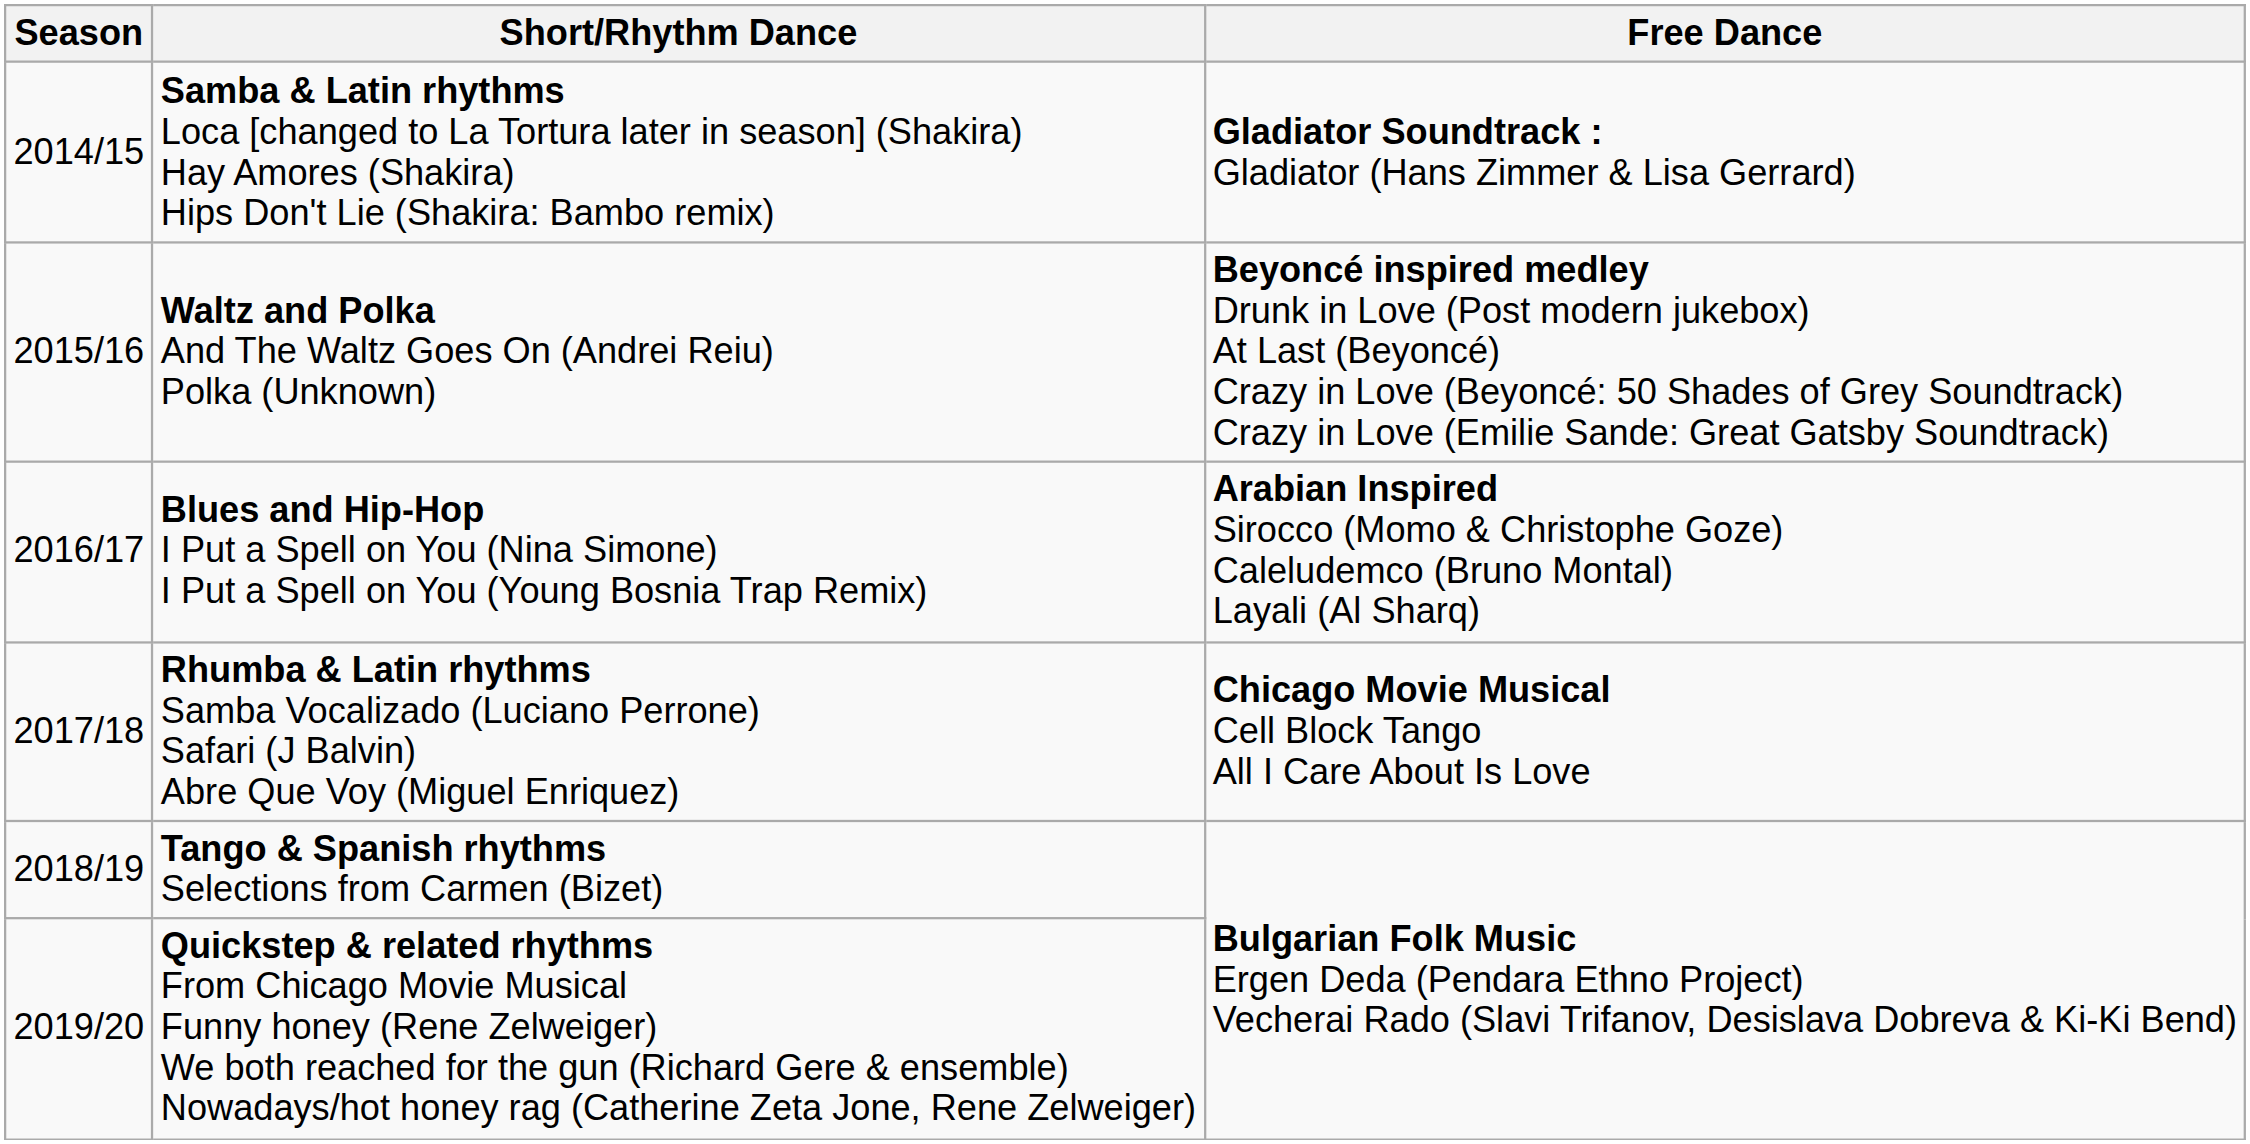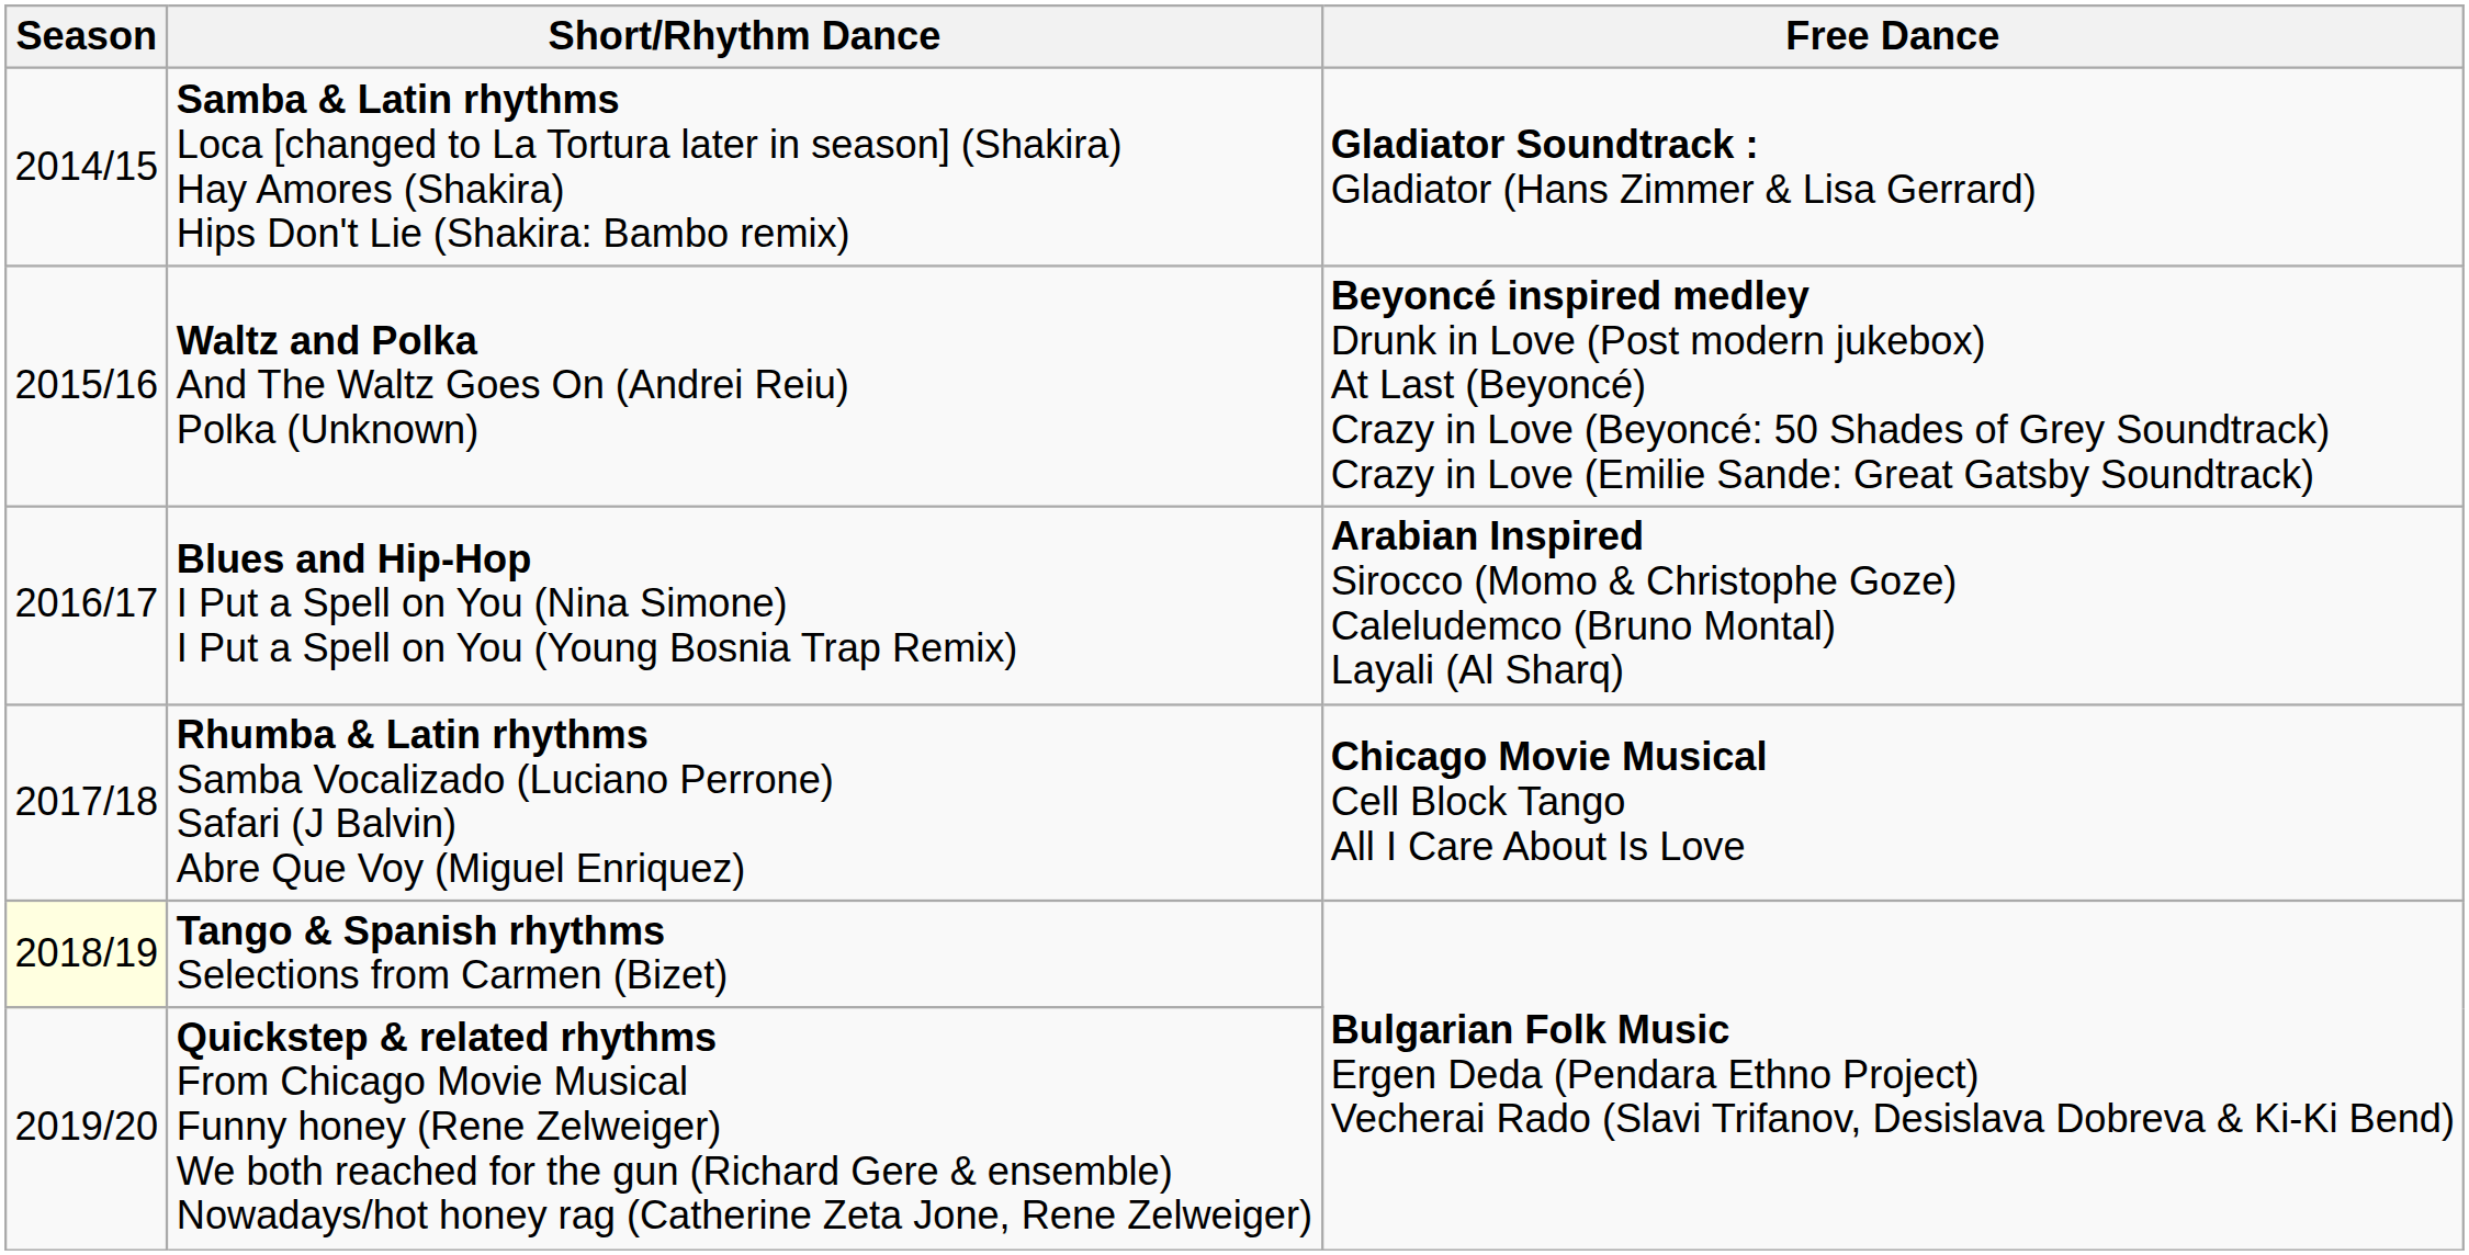 <table class="wikitable">
 <tr>
 <th>Season</th>
 <th>Short/Rhythm Dance</th>
 <th>Free Dance</th>
 </tr>
 <tr>
 <td>2014/15</td>
 <td><strong>Samba & Latin rhythms</strong><br>Loca [changed to La Tortura later in season] (Shakira)<br>Hay Amores (Shakira)<br>Hips Don't Lie (Shakira: Bambo remix)</td>
 <td><strong>Gladiator Soundtrack :</strong><br>Gladiator (Hans Zimmer & Lisa Gerrard)</td>
 </tr>
 <tr>
 <td>2015/16</td>
 <td><strong>Waltz and Polka</strong><br>And The Waltz Goes On (Andrei Reiu)<br>Polka (Unknown)</td>
 <td><strong>Beyoncé inspired medley</strong><br>Drunk in Love (Post modern jukebox)<br>At Last (Beyoncé)<br>Crazy in Love (Beyoncé: 50 Shades of Grey Soundtrack)<br>Crazy in Love (Emilie Sande: Great Gatsby Soundtrack)</td>
 </tr>
 <tr>
 <td>2016/17</td>
 <td><strong>Blues and Hip-Hop</strong><br>I Put a Spell on You (Nina Simone)<br>I Put a Spell on You (Young Bosnia Trap Remix)</td>
 <td><strong>Arabian Inspired</strong><br>Sirocco (Momo & Christophe Goze)<br>Caleludemco (Bruno Montal)<br>Layali (Al Sharq)</td>
 </tr>
 <tr>
 <td>2017/18</td>
 <td><strong>Rhumba & Latin rhythms</strong><br>Samba Vocalizado (Luciano Perrone)<br>Safari (J Balvin)<br>Abre Que Voy (Miguel Enriquez)</td>
 <td><strong>Chicago Movie Musical</strong><br>Cell Block Tango<br>All I Care About Is Love</td>
 </tr>
 <tr>
-<td>2018/19</td>
+<td style="background: lightyellow;">2018/19</td>
 <td><strong>Tango & Spanish rhythms</strong><br>Selections from Carmen (Bizet)</td>
 <td rowspan=2><strong>Bulgarian Folk Music</strong><br>Ergen Deda (Pendara Ethno Project)<br>Vecherai Rado (Slavi Trifanov, Desislava Dobreva & Ki-Ki Bend)</td>
 </tr>
 <tr>
 <td>2019/20</td>
 <td><strong>Quickstep & related rhythms</strong><br>From Chicago Movie Musical<br>Funny honey (Rene Zelweiger)<br>We both reached for the gun (Richard Gere & ensemble)<br>Nowadays/hot honey rag (Catherine Zeta Jone, Rene Zelweiger)</td>
 </tr>
 </table>
